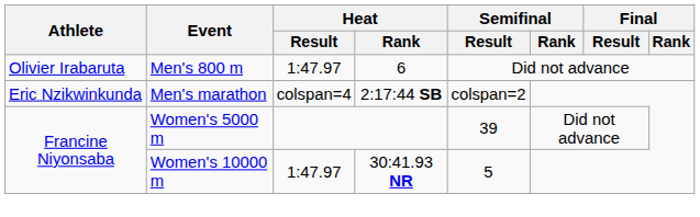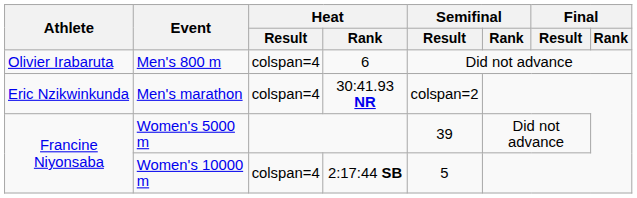 <table class="wikitable" style="font-size:90%">
 <tr>
 <th rowspan="2">Athlete</th>
 <th rowspan="2">Event</th>
 <th colspan="2">Heat</th>
 <th colspan="2">Semifinal</th>
 <th colspan="2">Final</th>
 </tr>
 <tr style="font-size:95%">
 <th>Result</th>
 <th>Rank</th>
 <th>Result</th>
 <th>Rank</th>
 <th>Result</th>
 <th>Rank</th>
 </tr>
 <tr align=center>
 <td align=left><a href='#'>Olivier Irabaruta</a></td>
 <td align=left><a href='#'>Men's 800 m</a></td>
-<td>1:47.97</td>
+<td>colspan=4 </td>
 <td>6</td>
 <td colspan=4>Did not advance</td>
 </tr>
 <tr align=center>
 <td align=left><a href='#'>Eric Nzikwinkunda</a></td>
 <td align=left><a href='#'>Men's marathon</a></td>
 <td>colspan=4 </td>
-<td>2:17:44 <strong>SB</strong></td>
+<td>30:41.93 <strong><a href='#'>NR</a></strong></td>
 <td>colspan=2 </td>
 </tr>
 <tr align=center>
 <td rowspan="2"><a href='#'>Francine Niyonsaba</a></td>
 <td align=left><a href='#'>Women's 5000 m</a></td>
 <td colspan=2></td>
 <td>39</td>
 <td colspan=2>Did not advance</td>
 </tr>
 <tr align=center>
 <td align=left><a href='#'>Women's 10000 m</a></td>
-<td>1:47.97</td>
-<td>30:41.93 <strong><a href='#'>NR</a></strong></td>
+<td>colspan=4 </td>
+<td>2:17:44 <strong>SB</strong></td>
 <td>5</td>
 </tr>
 </table>
